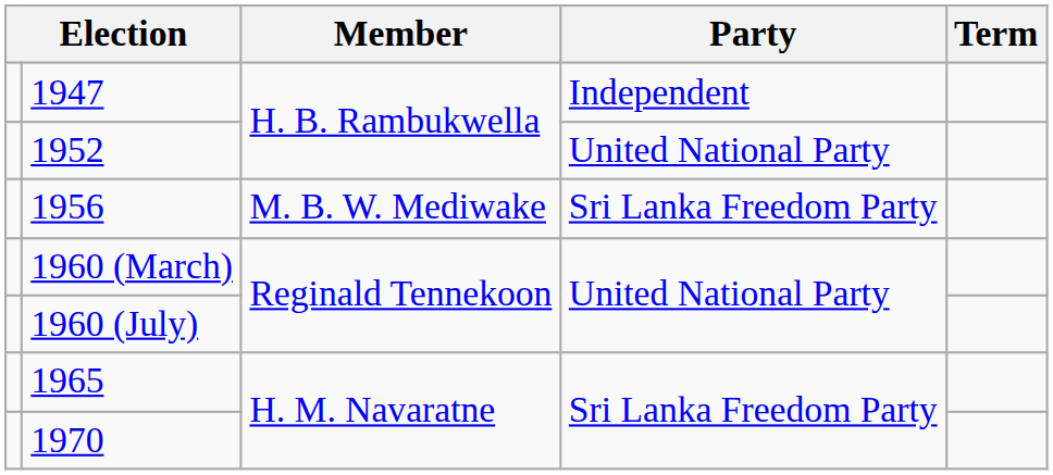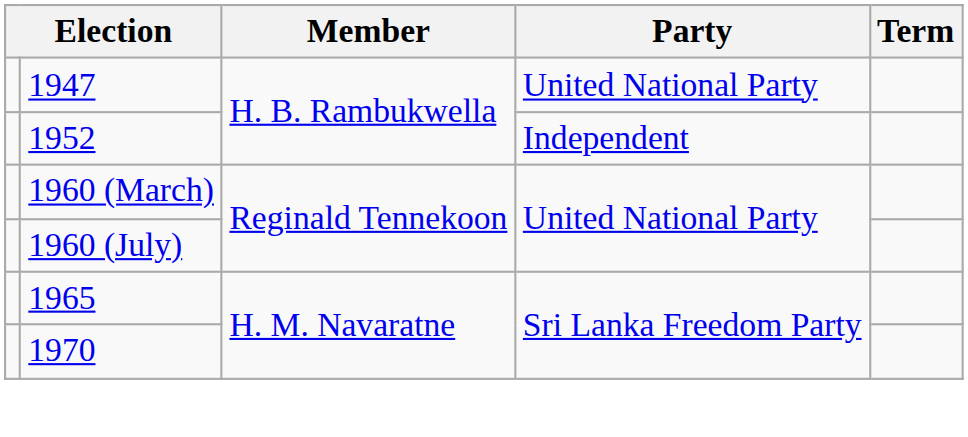 <table class="wikitable">
 <tr>
 <th colspan="2">Election</th>
 <th>Member</th>
 <th>Party</th>
 <th>Term</th>
 </tr>
 <tr>
 <td style="background-color: "></td>
 <td><a href='#'>1947</a></td>
 <td rowspan=2><a href='#'>H. B. Rambukwella</a></td>
-<td><a href='#'>Independent</a></td>
+<td><a href='#'>United National Party</a></td>
 <td></td>
 </tr>
 <tr>
 <td style="background-color: "></td>
 <td><a href='#'>1952</a></td>
-<td><a href='#'>United National Party</a></td>
-<td></td>
-</tr>
-<tr>
-<td style="background-color: "></td>
-<td><a href='#'>1956</a></td>
-<td><a href='#'>M. B. W. Mediwake</a></td>
-<td><a href='#'>Sri Lanka Freedom Party</a></td>
+<td><a href='#'>Independent</a></td>
 <td></td>
 </tr>
 <tr>
 <td style="background-color: "></td>
 <td><a href='#'>1960 (March)</a></td>
 <td rowspan=2><a href='#'>Reginald Tennekoon</a></td>
 <td rowspan=2><a href='#'>United National Party</a></td>
 <td></td>
 </tr>
 <tr>
 <td style="background-color: "></td>
 <td><a href='#'>1960 (July)</a></td>
 <td></td>
 </tr>
 <tr>
 <td style="background-color: "></td>
 <td><a href='#'>1965</a></td>
 <td rowspan=2><a href='#'>H. M. Navaratne</a></td>
 <td rowspan=2><a href='#'>Sri Lanka Freedom Party</a></td>
 <td></td>
 </tr>
 <tr>
 <td style="background-color: "></td>
 <td><a href='#'>1970</a></td>
 <td></td>
 </tr>
 </table>
